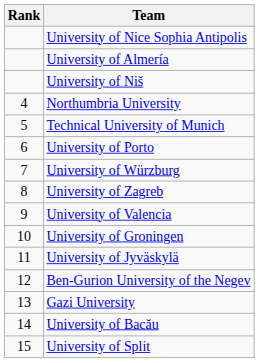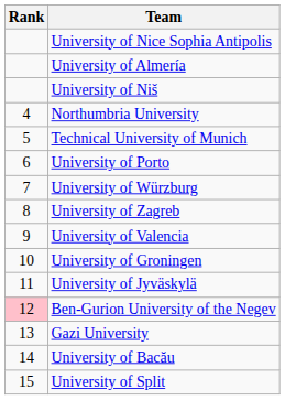 <table class="wikitable">
 <tr>
 <th>Rank</th>
 <th>Team</th>
 </tr>
 <tr>
 <td align="center"></td>
 <td> <a href='#'>University of Nice Sophia Antipolis</a></td>
 </tr>
 <tr>
 <td align="center"></td>
 <td> <a href='#'>University of Almería</a></td>
 </tr>
 <tr>
 <td align="center"></td>
 <td> <a href='#'>University of Niš</a></td>
 </tr>
 <tr>
 <td align="center">4</td>
 <td> <a href='#'>Northumbria University</a></td>
 </tr>
 <tr>
 <td align="center">5</td>
 <td> <a href='#'>Technical University of Munich</a></td>
 </tr>
 <tr>
 <td align="center">6</td>
 <td> <a href='#'>University of Porto</a></td>
 </tr>
 <tr>
 <td align="center">7</td>
 <td> <a href='#'>University of Würzburg</a></td>
 </tr>
 <tr>
 <td align="center">8</td>
 <td> <a href='#'>University of Zagreb</a></td>
 </tr>
 <tr>
 <td align="center">9</td>
 <td> <a href='#'>University of Valencia</a></td>
 </tr>
 <tr>
 <td align="center">10</td>
 <td> <a href='#'>University of Groningen</a></td>
 </tr>
 <tr>
 <td align="center">11</td>
 <td> <a href='#'>University of Jyväskylä</a></td>
 </tr>
 <tr>
-<td align="center">12</td>
+<td align="center" style="background: pink;">12</td>
 <td> <a href='#'>Ben-Gurion University of the Negev</a></td>
 </tr>
 <tr>
 <td align="center">13</td>
 <td> <a href='#'>Gazi University</a></td>
 </tr>
 <tr>
 <td align="center">14</td>
 <td> <a href='#'>University of Bacău</a></td>
 </tr>
 <tr>
 <td align="center">15</td>
 <td> <a href='#'>University of Split</a></td>
 </tr>
 </table>
